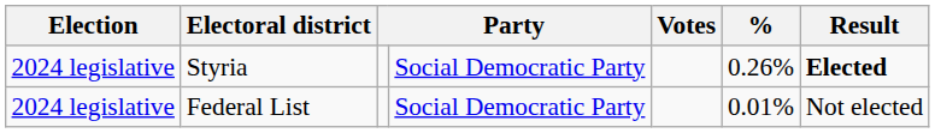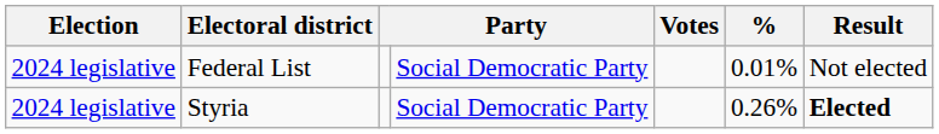 <table class="wikitable" style="text-align:left;">
 <tr>
 <th scope=col>Election</th>
 <th scope=col>Electoral district</th>
 <th scope=col colspan="2">Party</th>
 <th scope=col>Votes</th>
 <th scope=col>%</th>
 <th scope=col>Result</th>
 </tr>
 <tr>
 <td><a href='#'>2024 legislative</a></td>
+<td>Federal List</td>
+<td style="background:"></td>
+<td><a href='#'>Social Democratic Party</a></td>
+<td align=right></td>
+<td align=right>0.01%</td>
+<td>Not elected</td>
+</tr>
+<tr>
+<td><a href='#'>2024 legislative</a></td>
 <td>Styria</td>
 <td style="background:"></td>
 <td><a href='#'>Social Democratic Party</a></td>
 <td align=right></td>
 <td align=right>0.26%</td>
 <td><strong>Elected</strong></td>
 </tr>
-<tr>
-<td><a href='#'>2024 legislative</a></td>
-<td>Federal List</td>
-<td style="background:"></td>
-<td><a href='#'>Social Democratic Party</a></td>
-<td align=right></td>
-<td align=right>0.01%</td>
-<td>Not elected</td>
-</tr>
 </table>
